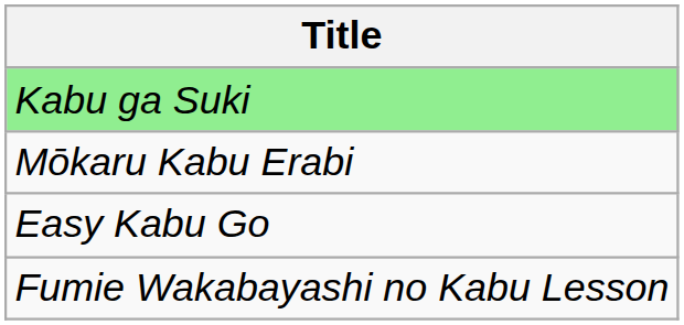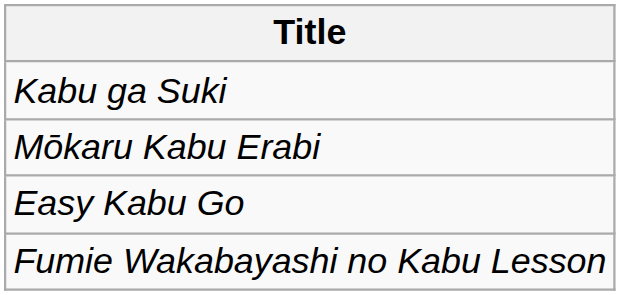 <table class="wikitable">
 <tr>
 <th>Title</th>
 </tr>
 <tr>
-<td style="background: lightgreen;"><em>Kabu ga Suki</em></td>
+<td><em>Kabu ga Suki</em></td>
 </tr>
 <tr>
 <td><em>Mōkaru Kabu Erabi</em></td>
 </tr>
 <tr>
 <td><em>Easy Kabu Go</em></td>
 </tr>
 <tr>
 <td><em>Fumie Wakabayashi no Kabu Lesson</em></td>
 </tr>
 </table>
